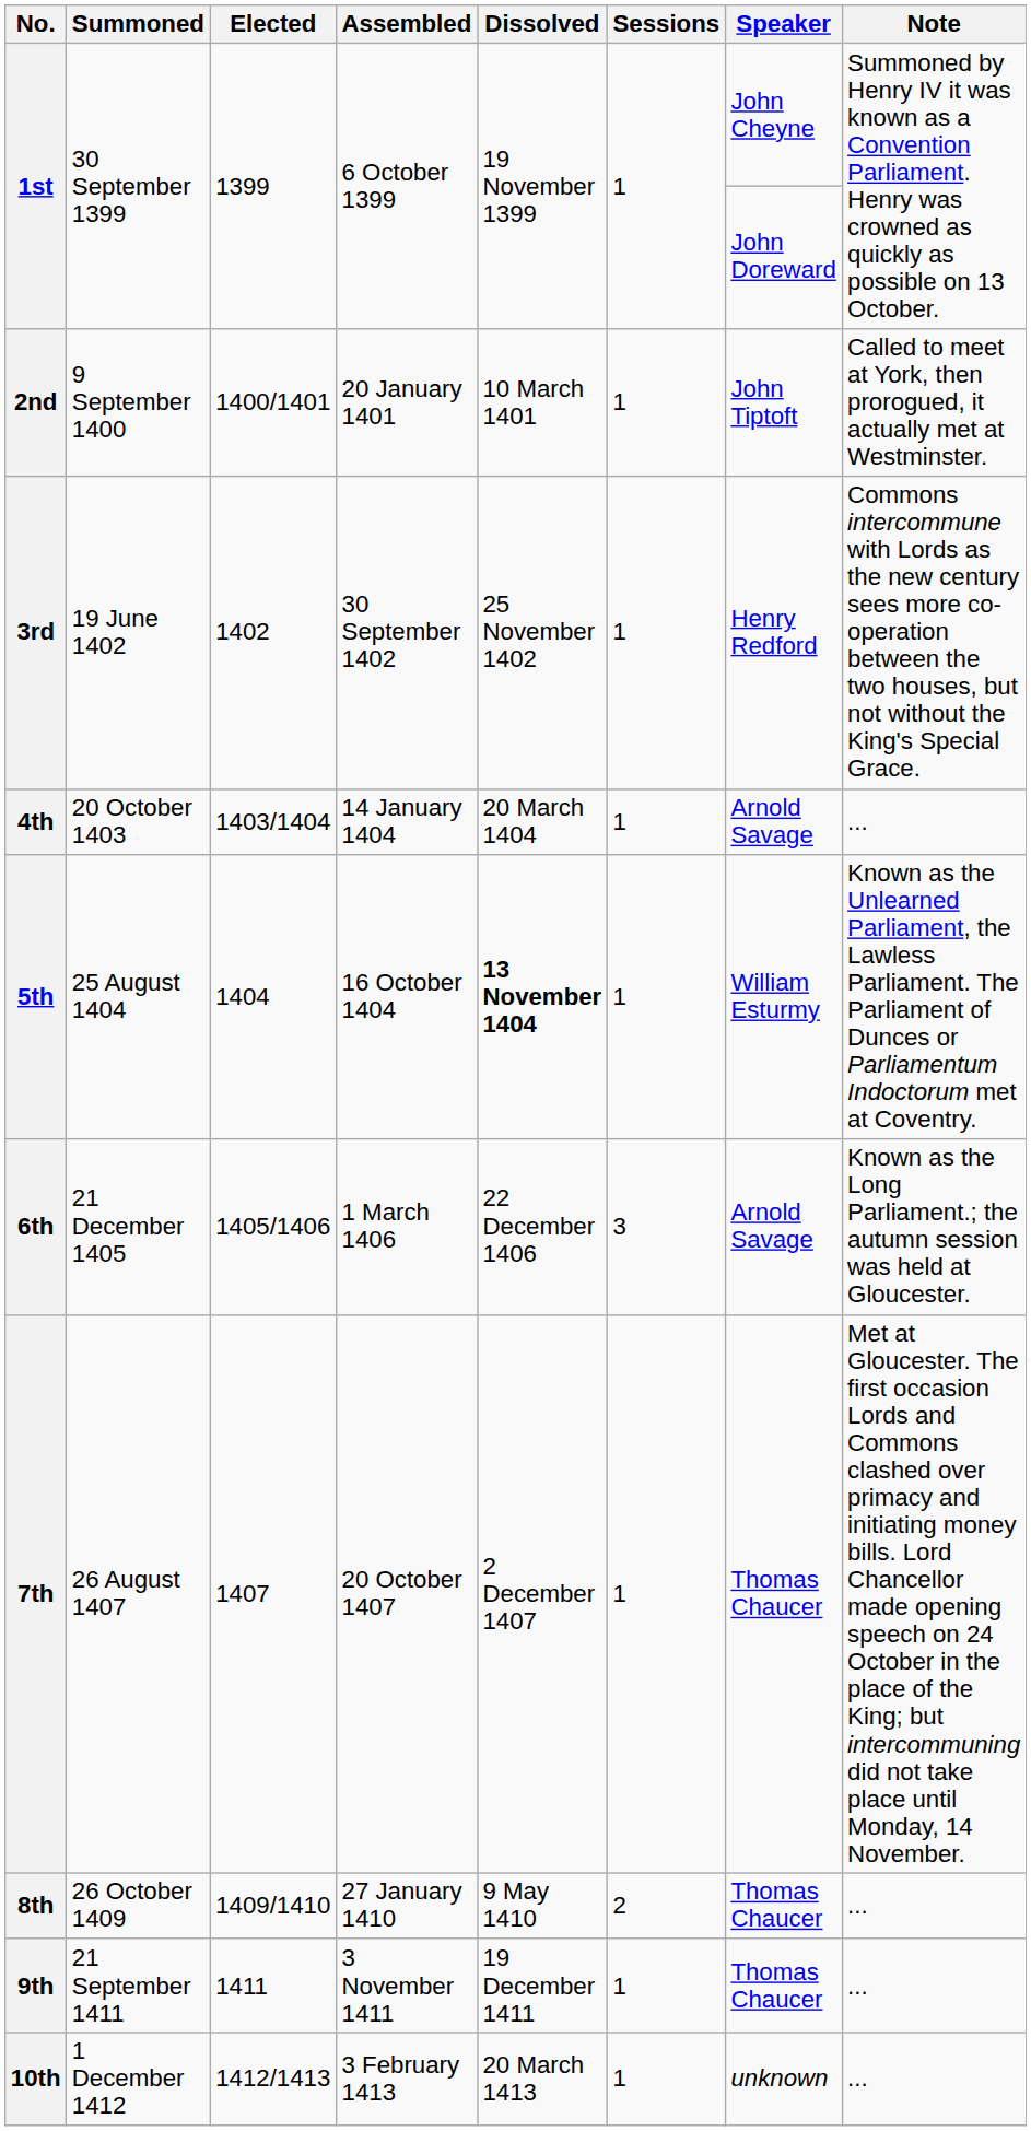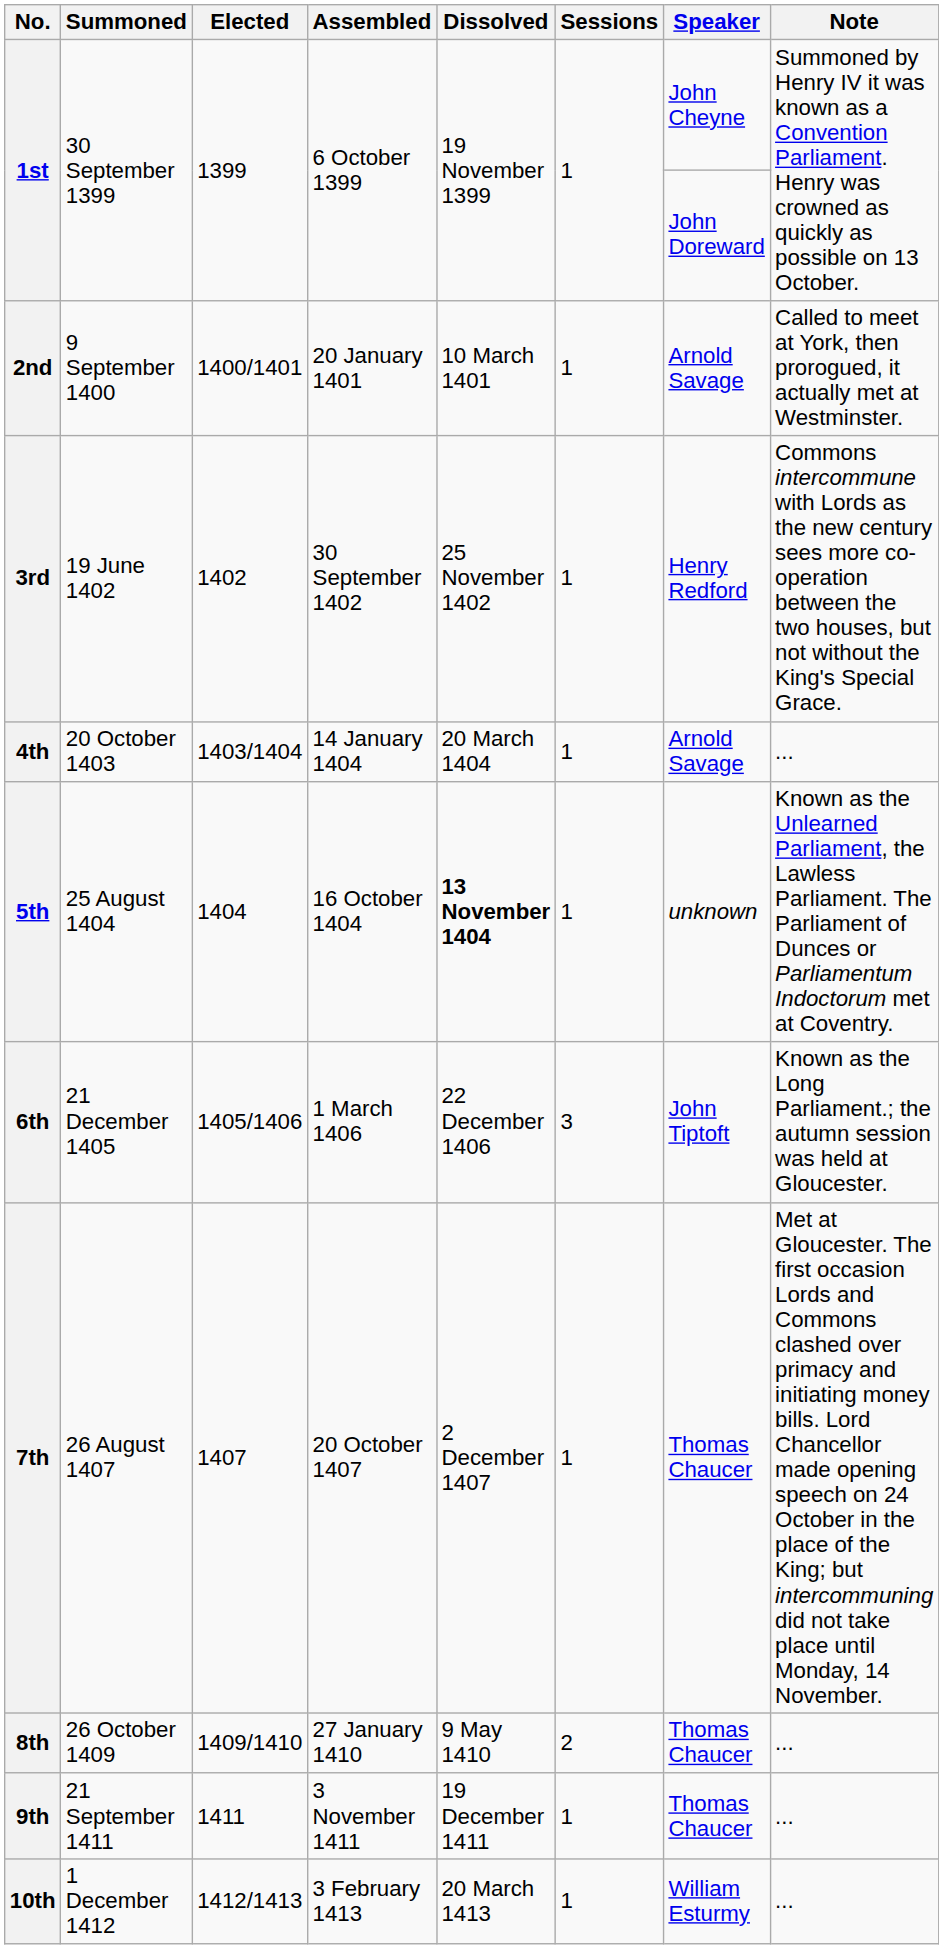 <table class="wikitable">
 <tr>
 <th>No.</th>
 <th>Summoned</th>
 <th>Elected</th>
 <th>Assembled</th>
 <th>Dissolved</th>
 <th>Sessions</th>
 <th><a href='#'>Speaker</a></th>
 <th>Note</th>
 </tr>
 <tr>
 <th rowspan=2><a href='#'>1st</a></th>
 <td rowspan=2>30 September 1399</td>
 <td rowspan=2>1399</td>
 <td rowspan=2>6 October 1399</td>
 <td rowspan=2>19 November 1399</td>
 <td rowspan=2>1</td>
 <td><a href='#'>John Cheyne</a></td>
 <td rowspan=2>Summoned by Henry IV it was known as a <a href='#'>Convention Parliament</a>. Henry was crowned as quickly as possible on 13 October.</td>
 </tr>
 <tr>
 <td><a href='#'>John Doreward</a></td>
 </tr>
 <tr>
 <th>2nd</th>
 <td>9 September 1400</td>
 <td>1400/1401</td>
 <td>20 January 1401</td>
 <td>10 March 1401</td>
 <td>1</td>
-<td><a href='#'>John Tiptoft</a></td>
+<td><a href='#'>Arnold Savage</a></td>
 <td>Called to meet at York, then prorogued, it actually met at Westminster.</td>
 </tr>
 <tr>
 <th>3rd</th>
 <td>19 June 1402</td>
 <td>1402</td>
 <td>30 September 1402</td>
 <td>25 November 1402</td>
 <td>1</td>
 <td><a href='#'>Henry Redford</a></td>
 <td>Commons <em>intercommune</em> with Lords as the new century sees more co-operation between the two houses, but not without the King's Special Grace.</td>
 </tr>
 <tr>
 <th>4th</th>
 <td>20 October 1403</td>
 <td>1403/1404</td>
 <td>14 January 1404</td>
 <td>20 March 1404</td>
 <td>1</td>
 <td><a href='#'>Arnold Savage</a></td>
 <td>...</td>
 </tr>
 <tr>
 <th><a href='#'>5th</a></th>
 <td>25 August 1404</td>
 <td>1404</td>
 <td>16 October 1404</td>
 <td><strong>13 November 1404</strong></td>
 <td>1</td>
-<td><a href='#'>William Esturmy</a></td>
+<td><em>unknown</em></td>
 <td>Known as the <a href='#'>Unlearned Parliament</a>, the Lawless Parliament. The Parliament of Dunces or <em>Parliamentum Indoctorum</em> met at Coventry.</td>
 </tr>
 <tr>
 <th>6th</th>
 <td>21 December 1405</td>
 <td>1405/1406</td>
 <td>1 March 1406</td>
 <td>22 December 1406</td>
 <td>3</td>
-<td><a href='#'>Arnold Savage</a></td>
+<td><a href='#'>John Tiptoft</a></td>
 <td>Known as the Long Parliament.; the autumn session was held at Gloucester.</td>
 </tr>
 <tr>
 <th>7th</th>
 <td>26 August 1407</td>
 <td>1407</td>
 <td>20 October 1407</td>
 <td>2 December 1407</td>
 <td>1</td>
 <td><a href='#'>Thomas Chaucer</a></td>
 <td>Met at Gloucester. The first occasion Lords and Commons clashed over primacy and initiating money bills. Lord Chancellor made opening speech on 24 October in the place of the King; but <em>intercommuning</em> did not take place until Monday, 14 November.</td>
 </tr>
 <tr>
 <th>8th</th>
 <td>26 October 1409</td>
 <td>1409/1410</td>
 <td>27 January 1410</td>
 <td>9 May 1410</td>
 <td>2</td>
 <td><a href='#'>Thomas Chaucer</a></td>
 <td>...</td>
 </tr>
 <tr>
 <th>9th</th>
 <td>21 September 1411</td>
 <td>1411</td>
 <td>3 November 1411</td>
 <td>19 December 1411</td>
 <td>1</td>
 <td><a href='#'>Thomas Chaucer</a></td>
 <td>...</td>
 </tr>
 <tr>
 <th>10th</th>
 <td>1 December 1412</td>
 <td>1412/1413</td>
 <td>3 February 1413</td>
 <td>20 March 1413</td>
 <td>1</td>
-<td><em>unknown</em></td>
+<td><a href='#'>William Esturmy</a></td>
 <td>...</td>
 </tr>
 </table>
